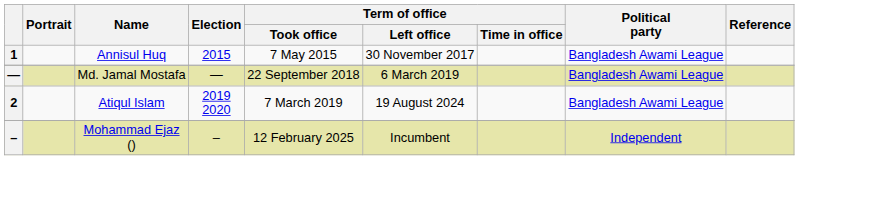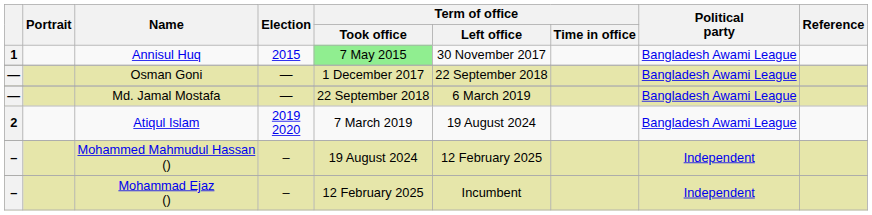 <table class="wikitable" style="text-align:center">
 <tr>
 <th rowspan="2"></th>
 <th rowspan="2">Portrait</th>
 <th rowspan="2">Name<br></th>
 <th rowspan="2">Election</th>
 <th colspan="3"><strong>Term of office</strong></th>
 <th rowspan="2"><strong>Political<br> party</strong></th>
 <th rowspan="2"><strong>Reference</strong></th>
 </tr>
 <tr>
 <th><strong>Took office</strong></th>
 <th><strong>Left office</strong></th>
 <th><strong>Time in office</strong></th>
 </tr>
 <tr>
 <th style="background:">1</th>
 <td align=center></td>
 <td><a href='#'>Annisul Huq</a><br></td>
 <td><a href='#'>2015</a></td>
-<td align=center>7 May 2015</td>
+<td align=center style="background: lightgreen;">7 May 2015</td>
 <td align=center>30 November 2017</td>
 <td></td>
 <td><a href='#'>Bangladesh Awami League</a></td>
 <td></td>
 </tr>
 <tr>
+</tr>
+<tr style="background:#e6e6aa;">
+<th style="background:">—</th>
+<td align=center></td>
+<td>Osman Goni<br></td>
+<td>—</td>
+<td align=center>1 December 2017</td>
+<td align=center>22 September 2018</td>
+<td></td>
+<td><a href='#'>Bangladesh Awami League</a></td>
+<td></td>
 </tr>
 <tr>
 </tr>
 <tr style="background:#e6e6aa;">
 <th style="background:">—</th>
 <td align=center></td>
 <td>Md. Jamal Mostafa</td>
 <td>—</td>
 <td align=center>22 September 2018</td>
 <td align=center>6 March 2019</td>
 <td></td>
 <td><a href='#'>Bangladesh Awami League</a></td>
 <td></td>
 </tr>
 <tr>
 <th style="background:">2</th>
 <td align=center></td>
 <td><a href='#'>Atiqul Islam</a></td>
 <td><a href='#'>2019</a><br><a href='#'>2020</a></td>
 <td align=center>7 March 2019</td>
 <td align=center>19 August 2024</td>
 <td></td>
 <td><a href='#'>Bangladesh Awami League</a></td>
 <td></td>
 </tr>
 <tr>
 </tr>
+<tr style="background:#e6e6aa;">
+<th style="background:">–</th>
+<td align=center></td>
+<td><a href='#'>Mohammed Mahmudul Hassan</a><br>()</td>
+<td>–</td>
+<td align=center>19 August 2024</td>
+<td align=center>12 February 2025</td>
+<td></td>
+<td><a href='#'>Independent</a></td>
+<td></td>
+</tr>
 <tr>
 </tr>
 <tr style="background:#e6e6aa;">
 <th style="background:">–</th>
 <td align=center></td>
 <td><a href='#'>Mohammad Ejaz</a> <br>()</td>
 <td>–</td>
 <td align=center>12 February 2025</td>
 <td align=center>Incumbent</td>
 <td></td>
 <td><a href='#'>Independent</a></td>
 <td></td>
 </tr>
 </table>
